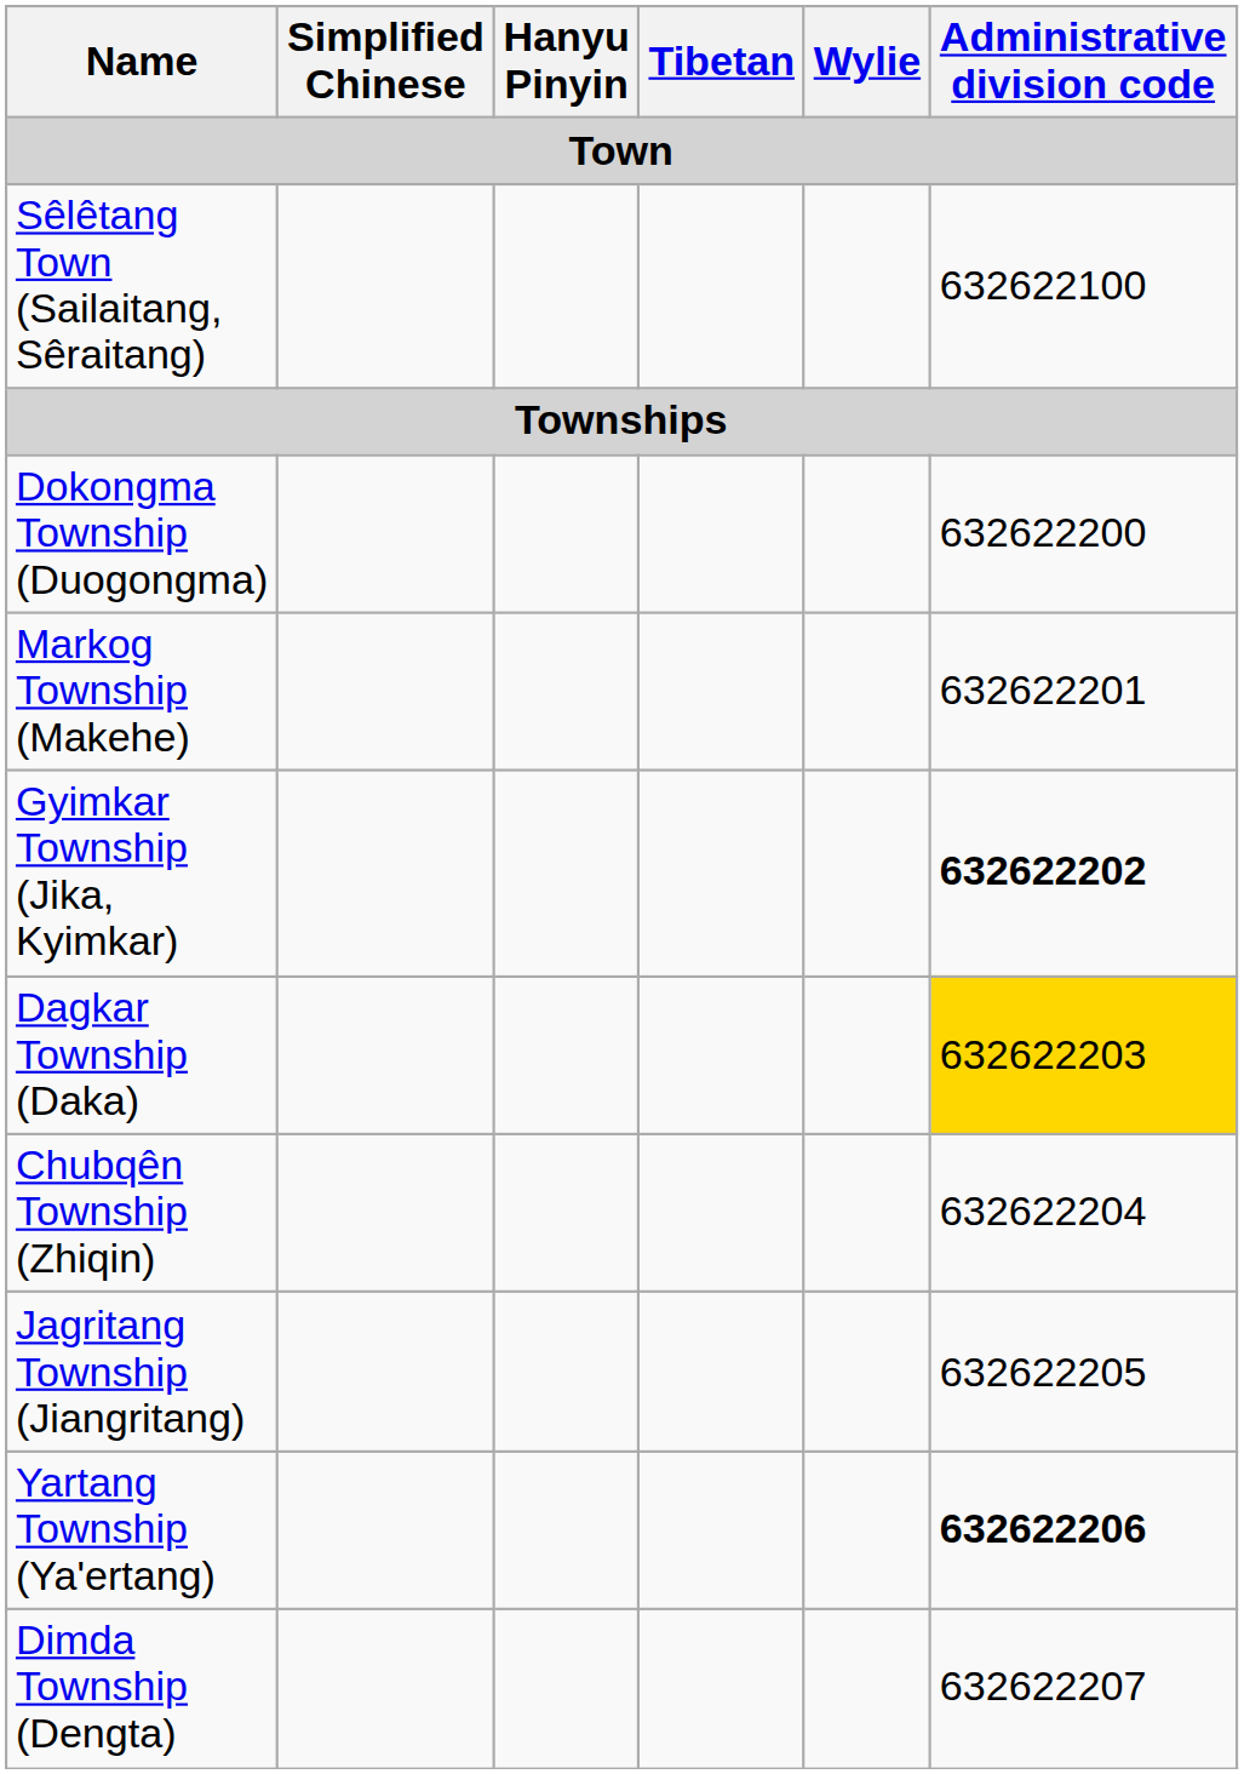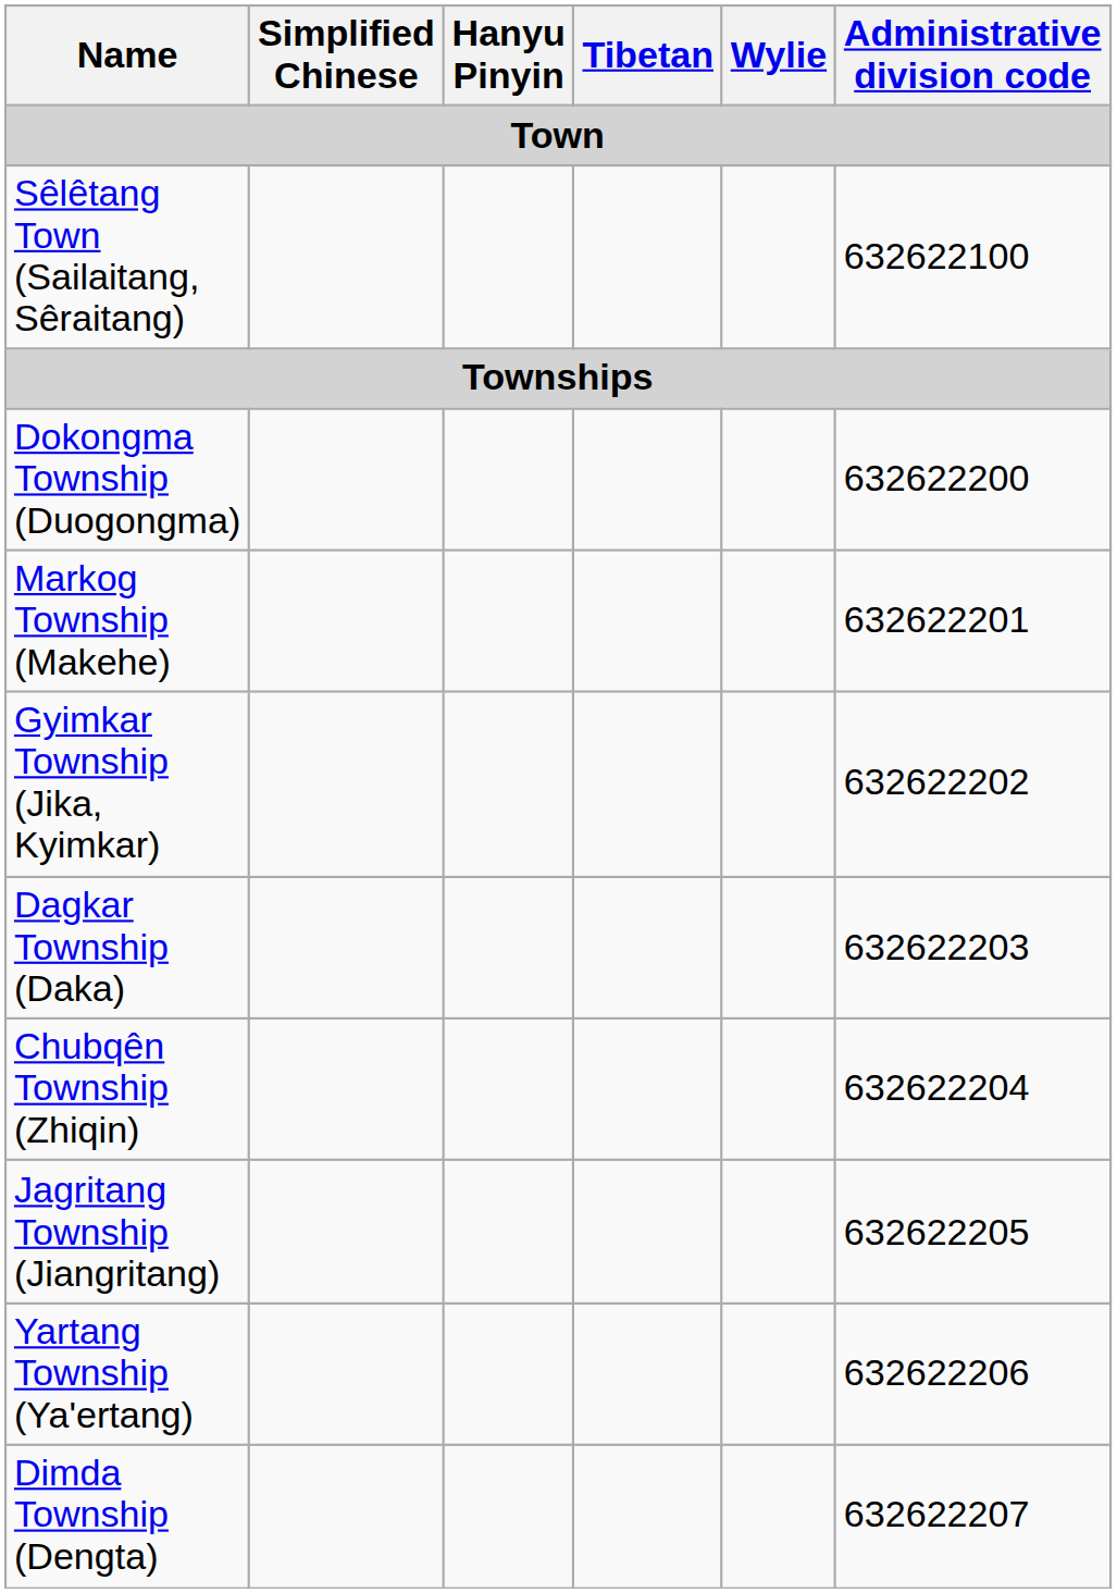 <table class="wikitable" align="center" style="width:50%; border="1">
 <tr>
 <th>Name</th>
 <th>Simplified Chinese</th>
 <th>Hanyu Pinyin</th>
 <th><a href='#'>Tibetan</a></th>
 <th><a href='#'>Wylie</a></th>
 <th><a href='#'>Administrative division code</a></th>
 </tr>
 <tr>
 <td colspan="7"  style="text-align:center; background:#d3d3d3;"><strong>Town</strong></td>
 </tr>
 <tr --------->
 <td><a href='#'>Sêlêtang Town</a><br>(Sailaitang, Sêraitang)</td>
 <td></td>
 <td></td>
 <td></td>
 <td></td>
 <td>632622100</td>
 </tr>
 <tr>
 <td colspan="7"  style="text-align:center; background:#d3d3d3;"><strong>Townships</strong></td>
 </tr>
 <tr --------->
 <td><a href='#'>Dokongma Township</a><br>(Duogongma)</td>
 <td></td>
 <td></td>
 <td></td>
 <td></td>
 <td>632622200</td>
 </tr>
 <tr>
 <td><a href='#'>Markog Township</a><br>(Makehe)</td>
 <td></td>
 <td></td>
 <td></td>
 <td></td>
 <td>632622201</td>
 </tr>
 <tr>
 <td><a href='#'>Gyimkar Township</a><br>(Jika, Kyimkar)</td>
 <td></td>
 <td></td>
 <td></td>
 <td></td>
-<td><strong>632622202</strong></td>
+<td>632622202</td>
 </tr>
 <tr>
 <td><a href='#'>Dagkar Township</a><br>(Daka)</td>
 <td></td>
 <td></td>
 <td></td>
 <td></td>
-<td style="background: gold;">632622203</td>
+<td>632622203</td>
 </tr>
 <tr>
 <td><a href='#'>Chubqên Township</a><br>(Zhiqin)</td>
 <td></td>
 <td></td>
 <td></td>
 <td></td>
 <td>632622204</td>
 </tr>
 <tr>
 <td><a href='#'>Jagritang Township</a><br>(Jiangritang)</td>
 <td></td>
 <td></td>
 <td></td>
 <td></td>
 <td>632622205</td>
 </tr>
 <tr>
 <td><a href='#'>Yartang Township</a><br>(Ya'ertang)</td>
 <td></td>
 <td></td>
 <td></td>
 <td></td>
-<td><strong>632622206</strong></td>
+<td>632622206</td>
 </tr>
 <tr>
 <td><a href='#'>Dimda Township</a><br>(Dengta)</td>
 <td></td>
 <td></td>
 <td></td>
 <td></td>
 <td>632622207</td>
 </tr>
 <tr>
 </tr>
 </table>
